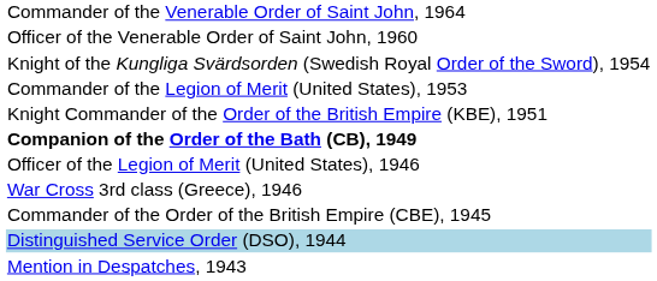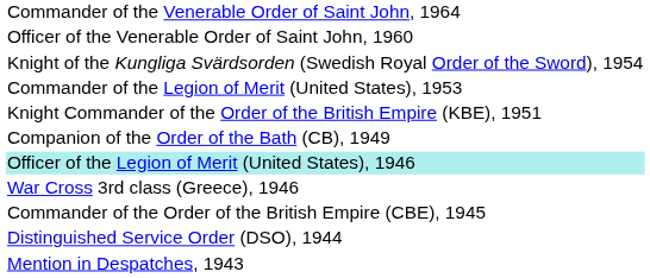 <table>
 <tr>
 <td> Commander of the <a href='#'>Venerable Order of Saint John</a>, 1964</td>
 </tr>
 <tr>
 <td> Officer of the Venerable Order of Saint John, 1960</td>
 </tr>
 <tr>
 <td> Knight of the <em>Kungliga Svärdsorden</em> (Swedish Royal <a href='#'>Order of the Sword</a>), 1954</td>
 </tr>
 <tr>
 <td> Commander of the <a href='#'>Legion of Merit</a> (United States), 1953</td>
 </tr>
 <tr>
 <td> Knight Commander of the <a href='#'>Order of the British Empire</a> (KBE), 1951</td>
 </tr>
 <tr>
-<td><strong> Companion of the <a href='#'>Order of the Bath</a> (CB), 1949</strong></td>
+<td> Companion of the <a href='#'>Order of the Bath</a> (CB), 1949</td>
 </tr>
 <tr>
-<td> Officer of the <a href='#'>Legion of Merit</a> (United States), 1946</td>
+<td style="background: paleturquoise;"> Officer of the <a href='#'>Legion of Merit</a> (United States), 1946</td>
 </tr>
 <tr>
 <td> <a href='#'>War Cross</a> 3rd class (Greece), 1946</td>
 </tr>
 <tr>
 <td> Commander of the Order of the British Empire (CBE), 1945</td>
 </tr>
 <tr>
-<td style="background: lightblue;"> <a href='#'>Distinguished Service Order</a> (DSO), 1944</td>
+<td> <a href='#'>Distinguished Service Order</a> (DSO), 1944</td>
 </tr>
 <tr>
 <td> <a href='#'>Mention in Despatches</a>, 1943</td>
 </tr>
 </table>
